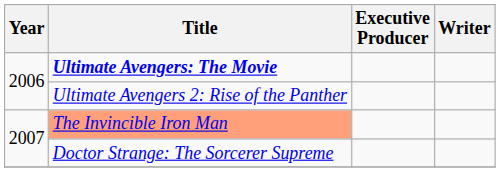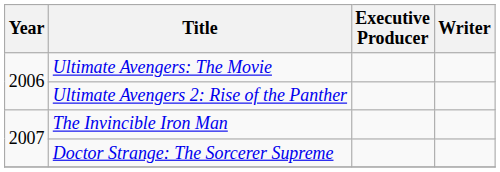 <table class="wikitable">
 <tr>
 <th>Year</th>
 <th>Title</th>
 <th>Executive<br>Producer</th>
 <th>Writer</th>
 </tr>
 <tr>
 <td rowspan=2>2006</td>
-<td><strong><em><a href='#'>Ultimate Avengers: The Movie</a></em></strong></td>
+<td><em><a href='#'>Ultimate Avengers: The Movie</a></em></td>
 <td></td>
 <td></td>
 </tr>
 <tr>
 <td><em><a href='#'>Ultimate Avengers 2: Rise of the Panther</a></em></td>
 <td></td>
 <td></td>
 </tr>
 <tr>
 <td rowspan=2>2007</td>
-<td style="background: lightsalmon;"><em><a href='#'>The Invincible Iron Man</a></em></td>
+<td><em><a href='#'>The Invincible Iron Man</a></em></td>
 <td></td>
 <td></td>
 </tr>
 <tr>
 <td><em><a href='#'>Doctor Strange: The Sorcerer Supreme</a></em></td>
 <td></td>
 <td></td>
 </tr>
 <tr>
 </tr>
 </table>
